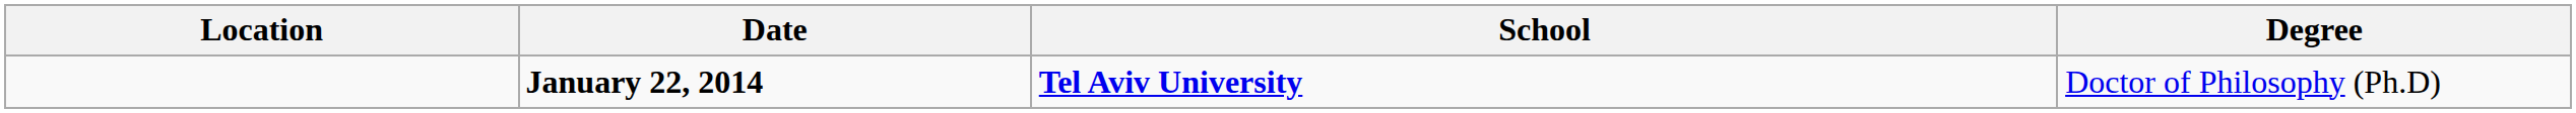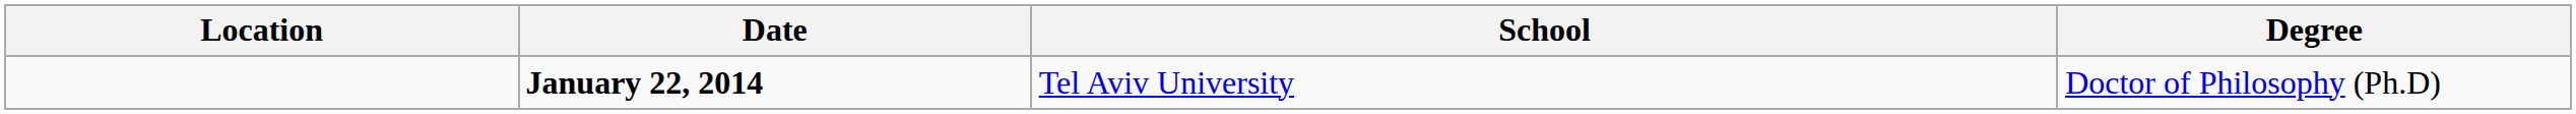 <table class="wikitable" style="width:100%;">
 <tr>
 <th style="width:20%;">Location</th>
 <th style="width:20%;">Date</th>
 <th style="width:40%;">School</th>
 <th style="width:20%;">Degree</th>
 </tr>
 <tr>
 <td></td>
 <td><strong>January 22, 2014</strong></td>
-<td><strong><a href='#'>Tel Aviv University</a></strong></td>
+<td><a href='#'>Tel Aviv University</a></td>
 <td><a href='#'>Doctor of Philosophy</a> (Ph.D)</td>
 </tr>
 <tr>
 </tr>
 </table>
